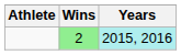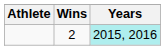 <table class="wikitable">
 <tr>
 </tr>
 <tr>
 <th>Athlete</th>
 <th>Wins</th>
 <th>Years</th>
 </tr>
 <tr>
 <td></td>
-<td align=center style="background: lightgreen;">2</td>
+<td align=center>2</td>
 <td style="background: paleturquoise;">2015, 2016</td>
 </tr>
 </table>
